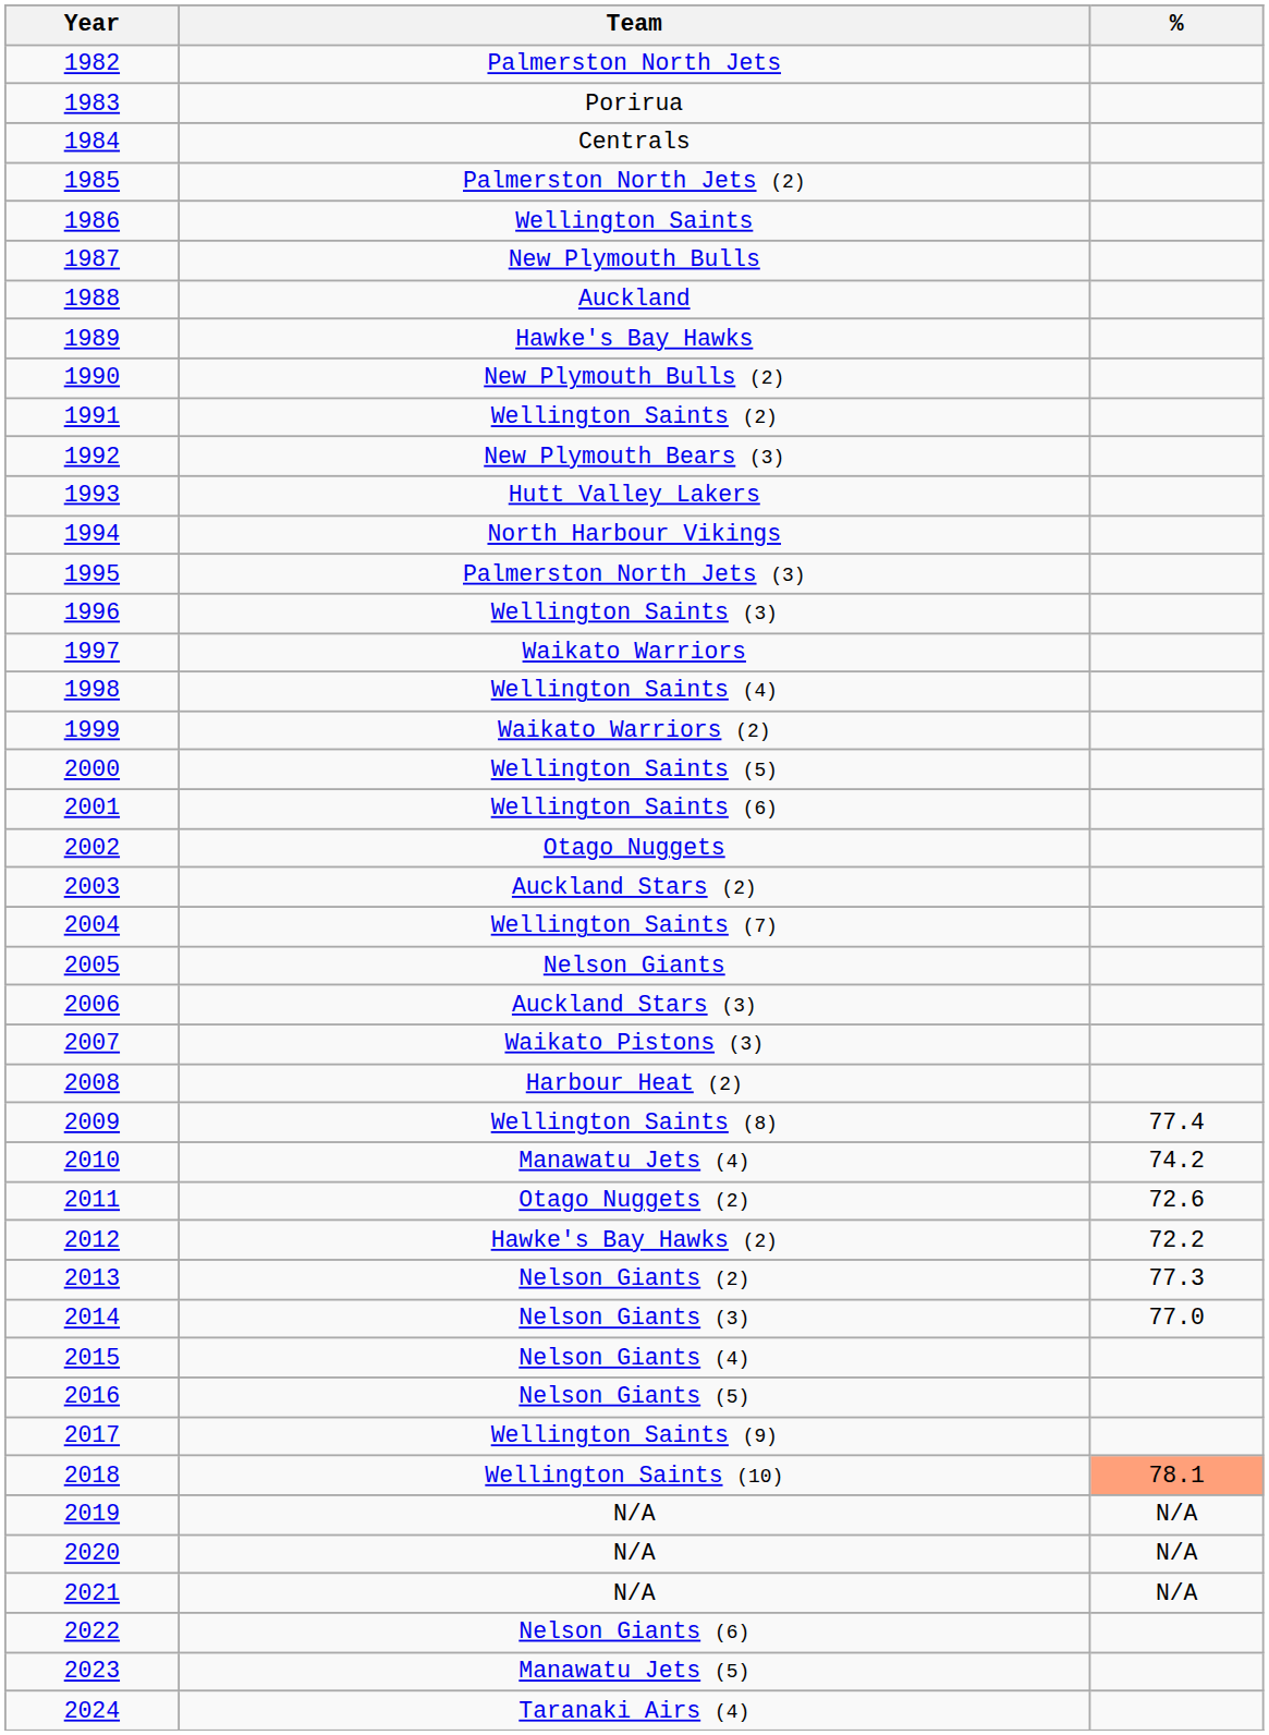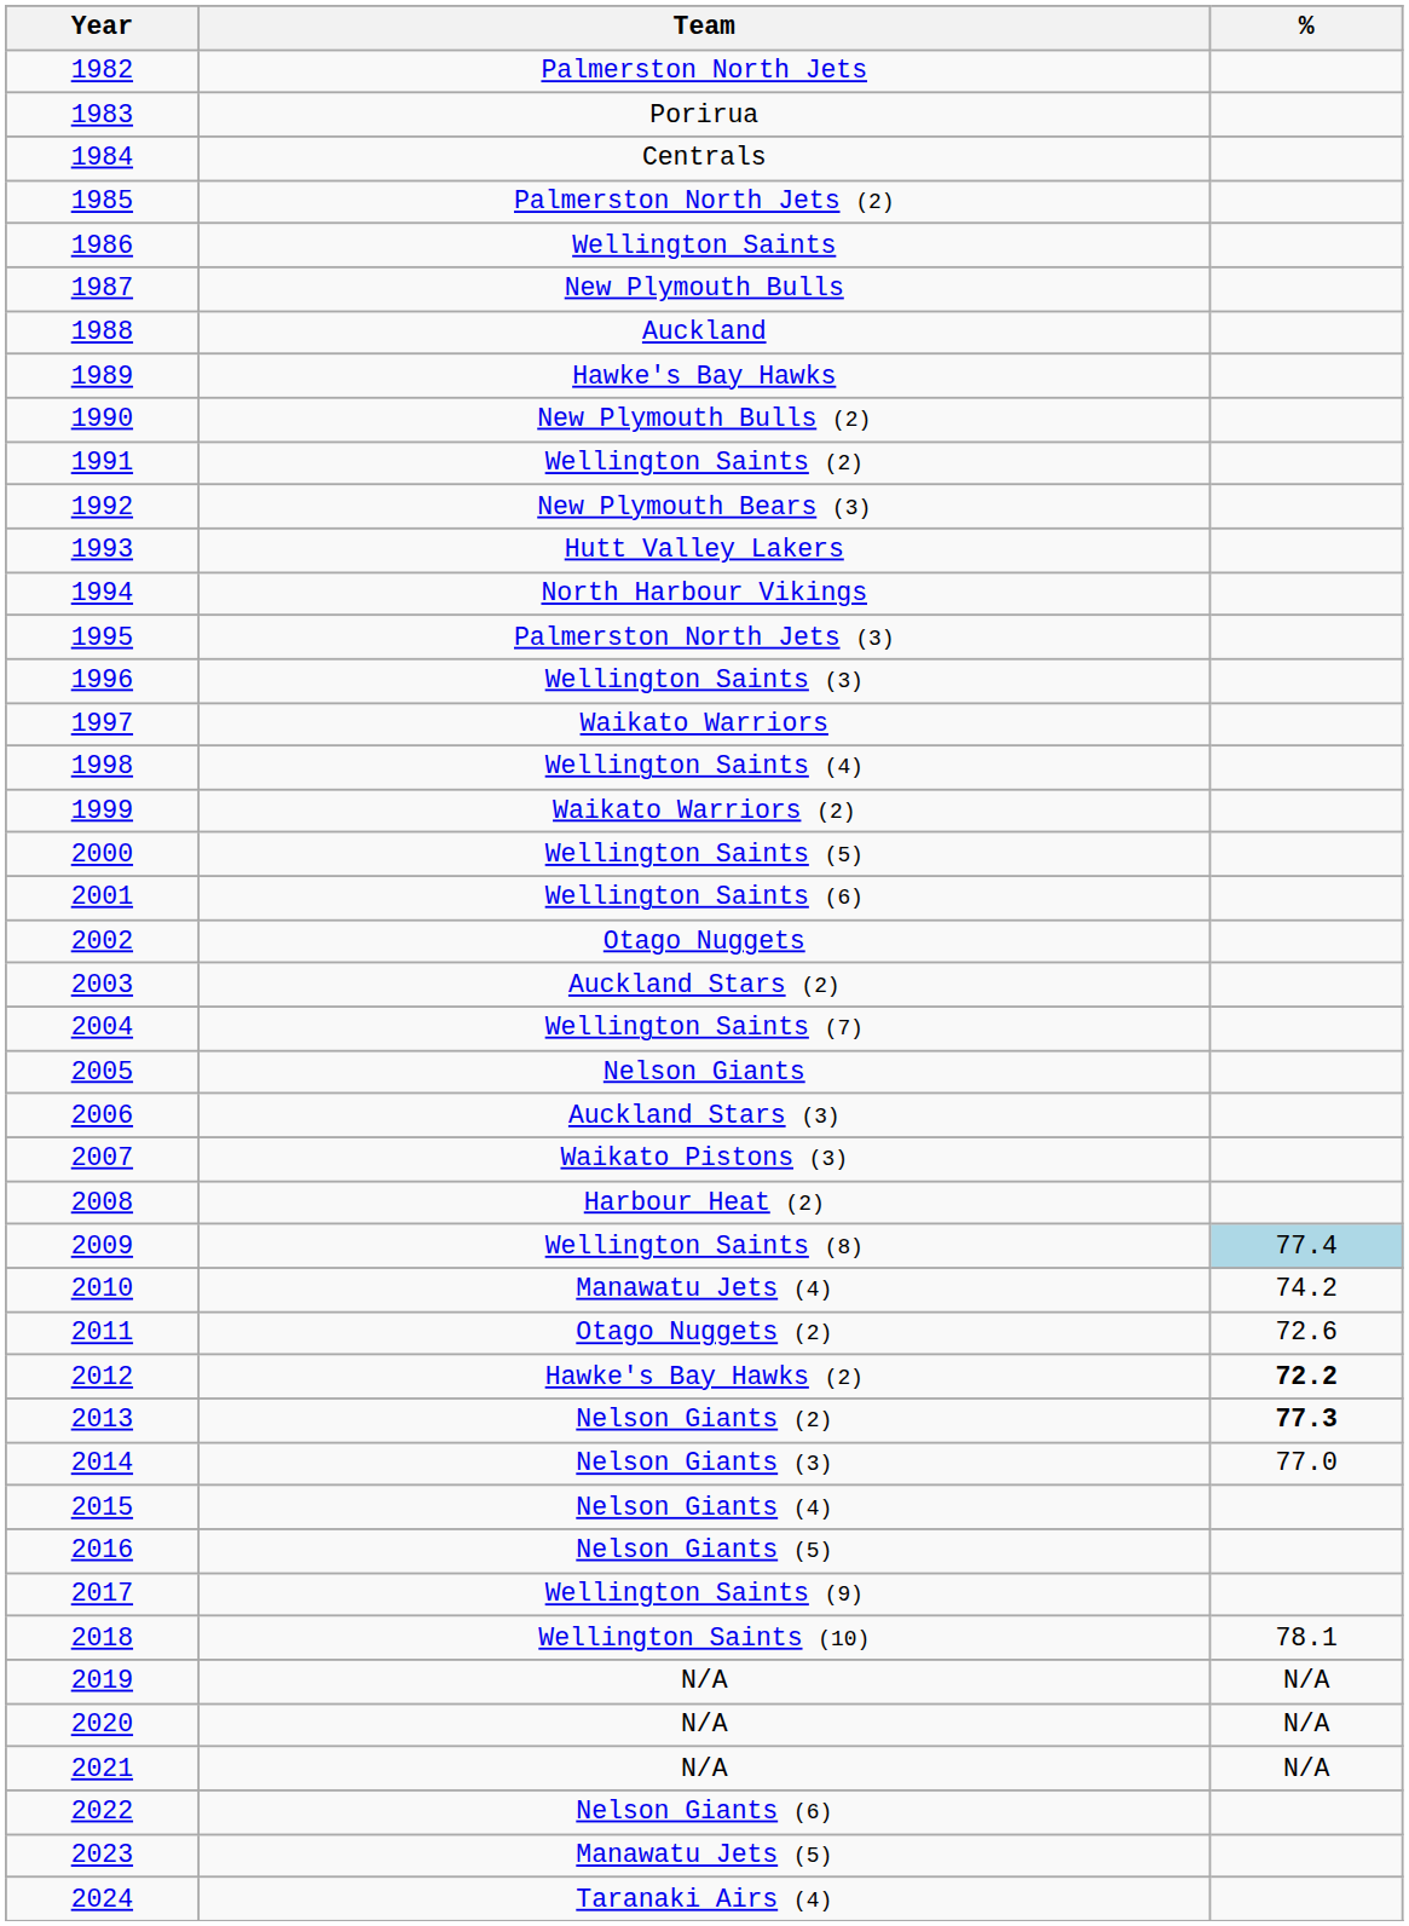 <table class="wikitable" style="width: 50%; text-align:center; font-size:90%">
 <tr>
 <th>Year</th>
 <th>Team</th>
 <th>%</th>
 </tr>
 <tr>
 <td><a href='#'>1982</a></td>
 <td><a href='#'>Palmerston North Jets</a></td>
 <td></td>
 </tr>
 <tr>
 <td><a href='#'>1983</a></td>
 <td>Porirua</td>
 <td></td>
 </tr>
 <tr>
 <td><a href='#'>1984</a></td>
 <td>Centrals</td>
 <td></td>
 </tr>
 <tr>
 <td><a href='#'>1985</a></td>
 <td><a href='#'>Palmerston North Jets</a> <small>(2)</small></td>
 <td></td>
 </tr>
 <tr>
 <td><a href='#'>1986</a></td>
 <td><a href='#'>Wellington Saints</a></td>
 <td></td>
 </tr>
 <tr>
 <td><a href='#'>1987</a></td>
 <td><a href='#'>New Plymouth Bulls</a></td>
 <td></td>
 </tr>
 <tr>
 <td><a href='#'>1988</a></td>
 <td><a href='#'>Auckland</a></td>
 <td></td>
 </tr>
 <tr>
 <td><a href='#'>1989</a></td>
 <td><a href='#'>Hawke's Bay Hawks</a></td>
 <td></td>
 </tr>
 <tr>
 <td><a href='#'>1990</a></td>
 <td><a href='#'>New Plymouth Bulls</a> <small>(2)</small></td>
 <td></td>
 </tr>
 <tr>
 <td><a href='#'>1991</a></td>
 <td><a href='#'>Wellington Saints</a> <small>(2)</small></td>
 <td></td>
 </tr>
 <tr>
 <td><a href='#'>1992</a></td>
 <td><a href='#'>New Plymouth Bears</a> <small>(3)</small></td>
 <td></td>
 </tr>
 <tr>
 <td><a href='#'>1993</a></td>
 <td><a href='#'>Hutt Valley Lakers</a></td>
 <td></td>
 </tr>
 <tr>
 <td><a href='#'>1994</a></td>
 <td><a href='#'>North Harbour Vikings</a></td>
 <td></td>
 </tr>
 <tr>
 <td><a href='#'>1995</a></td>
 <td><a href='#'>Palmerston North Jets</a> <small>(3)</small></td>
 <td></td>
 </tr>
 <tr>
 <td><a href='#'>1996</a></td>
 <td><a href='#'>Wellington Saints</a> <small>(3)</small></td>
 <td></td>
 </tr>
 <tr>
 <td><a href='#'>1997</a></td>
 <td><a href='#'>Waikato Warriors</a></td>
 <td></td>
 </tr>
 <tr>
 <td><a href='#'>1998</a></td>
 <td><a href='#'>Wellington Saints</a> <small>(4)</small></td>
 <td></td>
 </tr>
 <tr>
 <td><a href='#'>1999</a></td>
 <td><a href='#'>Waikato Warriors</a> <small>(2)</small></td>
 <td></td>
 </tr>
 <tr>
 <td><a href='#'>2000</a></td>
 <td><a href='#'>Wellington Saints</a> <small>(5)</small></td>
 <td></td>
 </tr>
 <tr>
 <td><a href='#'>2001</a></td>
 <td><a href='#'>Wellington Saints</a> <small>(6)</small></td>
 <td></td>
 </tr>
 <tr>
 <td><a href='#'>2002</a></td>
 <td><a href='#'>Otago Nuggets</a></td>
 <td></td>
 </tr>
 <tr>
 <td><a href='#'>2003</a></td>
 <td><a href='#'>Auckland Stars</a> <small>(2)</small></td>
 <td></td>
 </tr>
 <tr>
 <td><a href='#'>2004</a></td>
 <td><a href='#'>Wellington Saints</a> <small>(7)</small></td>
 <td></td>
 </tr>
 <tr>
 <td><a href='#'>2005</a></td>
 <td><a href='#'>Nelson Giants</a></td>
 <td></td>
 </tr>
 <tr>
 <td><a href='#'>2006</a></td>
 <td><a href='#'>Auckland Stars</a> <small>(3)</small></td>
 <td></td>
 </tr>
 <tr>
 <td><a href='#'>2007</a></td>
 <td><a href='#'>Waikato Pistons</a> <small>(3)</small></td>
 <td></td>
 </tr>
 <tr>
 <td><a href='#'>2008</a></td>
 <td><a href='#'>Harbour Heat</a> <small>(2)</small></td>
 <td></td>
 </tr>
 <tr>
 <td><a href='#'>2009</a></td>
 <td><a href='#'>Wellington Saints</a> <small>(8)</small></td>
-<td>77.4</td>
+<td style="background: lightblue;">77.4</td>
 </tr>
 <tr>
 <td><a href='#'>2010</a></td>
 <td><a href='#'>Manawatu Jets</a> <small>(4)</small></td>
 <td>74.2</td>
 </tr>
 <tr>
 <td><a href='#'>2011</a></td>
 <td><a href='#'>Otago Nuggets</a> <small>(2)</small></td>
 <td>72.6</td>
 </tr>
 <tr>
 <td><a href='#'>2012</a></td>
 <td><a href='#'>Hawke's Bay Hawks</a> <small>(2)</small></td>
-<td>72.2</td>
+<td><strong>72.2</strong></td>
 </tr>
 <tr>
 <td><a href='#'>2013</a></td>
 <td><a href='#'>Nelson Giants</a> <small>(2)</small></td>
-<td>77.3</td>
+<td><strong>77.3</strong></td>
 </tr>
 <tr>
 <td><a href='#'>2014</a></td>
 <td><a href='#'>Nelson Giants</a> <small>(3)</small></td>
 <td>77.0</td>
 </tr>
 <tr>
 <td><a href='#'>2015</a></td>
 <td><a href='#'>Nelson Giants</a> <small>(4)</small></td>
 <td></td>
 </tr>
 <tr>
 <td><a href='#'>2016</a></td>
 <td><a href='#'>Nelson Giants</a> <small>(5)</small></td>
 <td></td>
 </tr>
 <tr>
 <td><a href='#'>2017</a></td>
 <td><a href='#'>Wellington Saints</a> <small>(9)</small></td>
 <td></td>
 </tr>
 <tr>
 <td><a href='#'>2018</a></td>
 <td><a href='#'>Wellington Saints</a> <small>(10)</small></td>
-<td style="background: lightsalmon;">78.1</td>
+<td>78.1</td>
 </tr>
 <tr>
 <td><a href='#'>2019</a></td>
 <td>N/A</td>
 <td>N/A</td>
 </tr>
 <tr>
 <td><a href='#'>2020</a></td>
 <td>N/A</td>
 <td>N/A</td>
 </tr>
 <tr>
 <td><a href='#'>2021</a></td>
 <td>N/A</td>
 <td>N/A</td>
 </tr>
 <tr>
 <td><a href='#'>2022</a></td>
 <td><a href='#'>Nelson Giants</a> <small>(6)</small></td>
 <td></td>
 </tr>
 <tr>
 <td><a href='#'>2023</a></td>
 <td><a href='#'>Manawatu Jets</a> <small>(5)</small></td>
 <td></td>
 </tr>
 <tr>
 <td><a href='#'>2024</a></td>
 <td><a href='#'>Taranaki Airs</a> <small>(4)</small></td>
 <td></td>
 </tr>
 <tr>
 </tr>
 </table>
